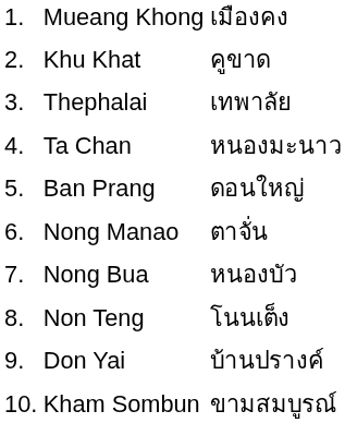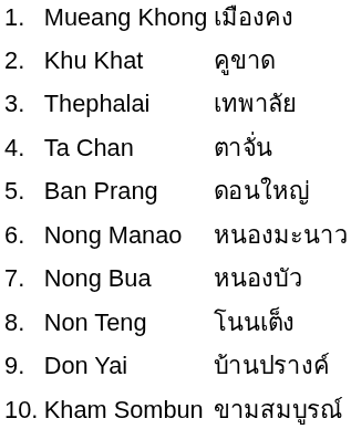 <table>
 <tr>
 <td>1.</td>
 <td>Mueang Khong</td>
 <td>เมืองคง</td>
 <td></td>
 </tr>
 <tr>
 <td>2.</td>
 <td>Khu Khat</td>
 <td>คูขาด</td>
 <td></td>
 </tr>
 <tr>
 <td>3.</td>
 <td>Thephalai</td>
 <td>เทพาลัย</td>
 <td></td>
 </tr>
 <tr>
 <td>4.</td>
 <td>Ta Chan</td>
-<td>หนองมะนาว</td>
+<td>ตาจั่น</td>
 <td></td>
 </tr>
 <tr>
 <td>5.</td>
 <td>Ban Prang</td>
 <td>ดอนใหญ่</td>
 <td></td>
 </tr>
 <tr>
 <td>6.</td>
 <td>Nong Manao</td>
-<td>ตาจั่น</td>
+<td>หนองมะนาว</td>
 <td></td>
 </tr>
 <tr>
 <td>7.</td>
 <td>Nong Bua</td>
 <td>หนองบัว</td>
 <td></td>
 </tr>
 <tr>
 <td>8.</td>
 <td>Non Teng</td>
 <td>โนนเต็ง</td>
 <td></td>
 </tr>
 <tr>
 <td>9.</td>
 <td>Don Yai</td>
 <td>บ้านปรางค์</td>
 <td></td>
 </tr>
 <tr>
 <td>10.</td>
 <td>Kham Sombun</td>
 <td>ขามสมบูรณ์</td>
 <td></td>
 </tr>
 </table>
